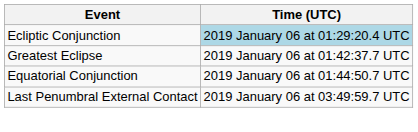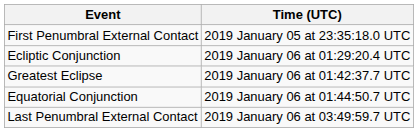 <table class="wikitable">
 <tr>
 <th>Event</th>
 <th>Time (UTC)</th>
 </tr>
 <tr>
+<td>First Penumbral External Contact</td>
+<td>2019 January 05 at 23:35:18.0 UTC</td>
+</tr>
+<tr>
 <td>Ecliptic Conjunction</td>
-<td style="background: lightblue;">2019 January 06 at 01:29:20.4 UTC</td>
+<td>2019 January 06 at 01:29:20.4 UTC</td>
 </tr>
 <tr>
 <td>Greatest Eclipse</td>
 <td>2019 January 06 at 01:42:37.7 UTC</td>
 </tr>
 <tr>
 <td>Equatorial Conjunction</td>
 <td>2019 January 06 at 01:44:50.7 UTC</td>
 </tr>
 <tr>
 <td>Last Penumbral External Contact</td>
 <td>2019 January 06 at 03:49:59.7 UTC</td>
 </tr>
 </table>
